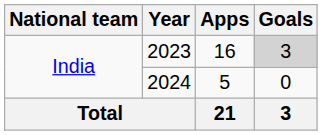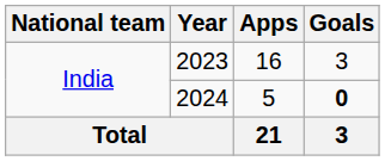 <table class="wikitable" style="text-align:center">
 <tr>
 <th>National team</th>
 <th>Year</th>
 <th>Apps</th>
 <th>Goals</th>
 </tr>
 <tr>
 <td rowspan="2"><a href='#'>India</a></td>
 <td>2023</td>
 <td>16</td>
-<td style="background: lightgrey;">3</td>
+<td>3</td>
 </tr>
 <tr>
 <td>2024</td>
 <td>5</td>
-<td>0</td>
+<td><strong>0</strong></td>
 </tr>
 <tr>
 <th colspan="2">Total</th>
 <th>21</th>
 <th>3</th>
 </tr>
 </table>
